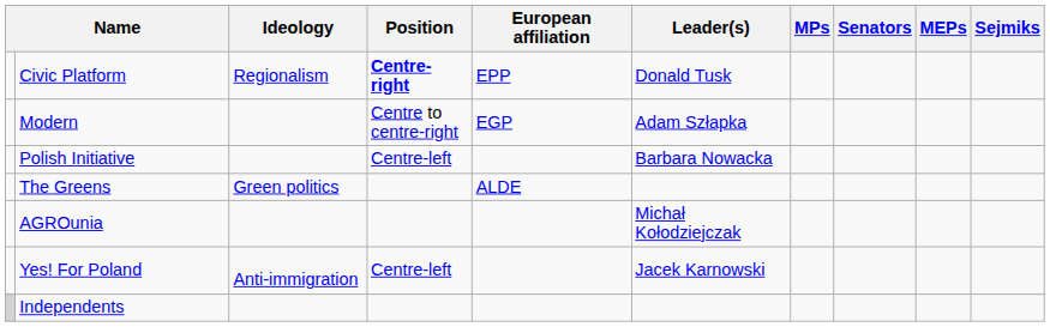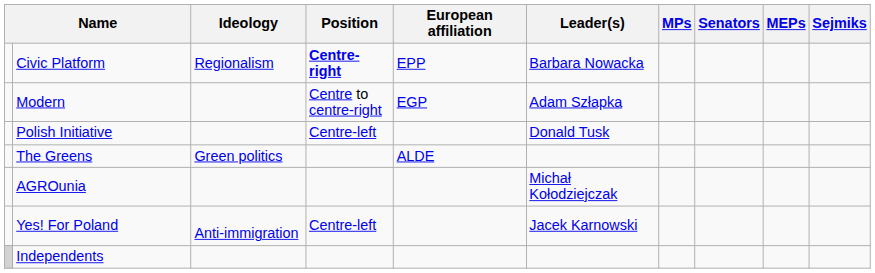 <table class="wikitable" style="font-size:100%;">
 <tr>
 <th colspan="2" style="width:200px">Name</th>
 <th style="width:120px">Ideology</th>
 <th style="width:90px">Position</th>
 <th style="width:140px">European affiliation</th>
 <th style="width:140px">Leader(s)</th>
 <th><a href='#'>MPs</a></th>
 <th><a href='#'>Senators</a></th>
 <th><a href='#'>MEPs</a></th>
 <th><a href='#'>Sejmiks</a></th>
 </tr>
 <tr>
 <td style="width:2px;background:"></td>
 <td><a href='#'>Civic Platform</a></td>
 <td><a href='#'>Regionalism</a></td>
 <td><strong><a href='#'>Centre-right</a></strong></td>
 <td><a href='#'>EPP</a></td>
-<td><a href='#'>Donald Tusk</a></td>
+<td><a href='#'>Barbara Nowacka</a></td>
 <td></td>
 <td></td>
 <td></td>
 <td></td>
 </tr>
 <tr>
 <td style="width:2px;background:"></td>
 <td><a href='#'>Modern</a></td>
 <td></td>
 <td><a href='#'>Centre</a> to <a href='#'>centre-right</a></td>
 <td><a href='#'>EGP</a></td>
 <td><a href='#'>Adam Szłapka</a></td>
 <td></td>
 <td></td>
 <td></td>
 <td></td>
 </tr>
 <tr>
 <td style="width:2px;background:"></td>
 <td><a href='#'>Polish Initiative</a></td>
 <td></td>
 <td><a href='#'>Centre-left</a></td>
 <td></td>
-<td><a href='#'>Barbara Nowacka</a></td>
+<td><a href='#'>Donald Tusk</a></td>
 <td></td>
 <td></td>
 <td></td>
 <td></td>
 </tr>
 <tr>
 <td style="width:2px;background:"></td>
 <td><a href='#'>The Greens</a></td>
 <td><a href='#'>Green politics</a></td>
 <td></td>
 <td><a href='#'>ALDE</a></td>
 <td><br></td>
 <td></td>
 <td></td>
 <td></td>
 <td></td>
 </tr>
 <tr>
 <td style="width:2px;background:"></td>
 <td><a href='#'>AGROunia</a></td>
 <td></td>
 <td></td>
 <td></td>
 <td><a href='#'>Michał Kołodziejczak</a></td>
 <td></td>
 <td></td>
 <td></td>
 <td></td>
 </tr>
 <tr>
 <td style="width:2px;background:"></td>
 <td><a href='#'>Yes! For Poland</a></td>
 <td><br><a href='#'>Anti-immigration</a></td>
 <td><a href='#'>Centre-left</a></td>
 <td></td>
 <td><a href='#'>Jacek Karnowski</a></td>
 <td></td>
 <td></td>
 <td></td>
 <td></td>
 </tr>
 <tr>
 <td style="width:2px;background:Lightgrey;"></td>
 <td><a href='#'>Independents</a></td>
 <td></td>
 <td></td>
 <td></td>
 <td></td>
 <td></td>
 <td></td>
 <td></td>
 <td></td>
 </tr>
 </table>
